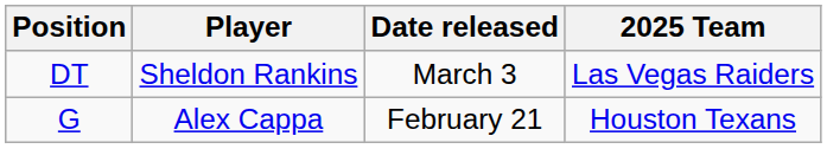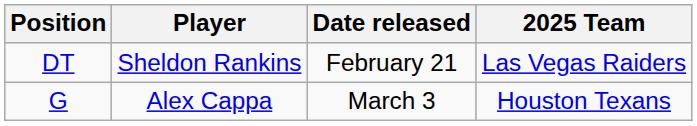 <table class="wikitable" style="text-align:center">
 <tr>
 <th>Position</th>
 <th>Player</th>
 <th>Date released</th>
 <th>2025 Team</th>
 </tr>
 <tr>
 <td><a href='#'>DT</a></td>
 <td><a href='#'>Sheldon Rankins</a></td>
-<td>March 3</td>
+<td>February 21</td>
 <td><a href='#'>Las Vegas Raiders</a></td>
 </tr>
 <tr>
 <td><a href='#'>G</a></td>
 <td><a href='#'>Alex Cappa</a></td>
-<td>February 21</td>
+<td>March 3</td>
 <td><a href='#'>Houston Texans</a></td>
 </tr>
 </table>
